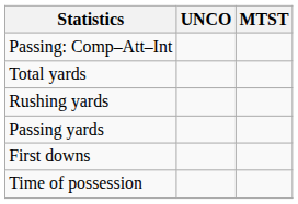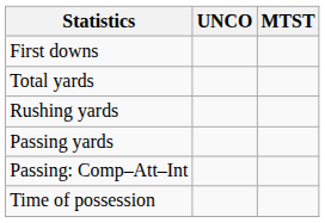 <table class="wikitable" style="float: left;">
 <tr>
 <th>Statistics</th>
 <th>UNCO</th>
 <th>MTST</th>
 </tr>
 <tr>
-<td>Passing: Comp–Att–Int</td>
+<td>First downs</td>
 <td></td>
 <td></td>
 </tr>
 <tr>
 <td>Total yards</td>
 <td></td>
 <td></td>
 </tr>
 <tr>
 <td>Rushing yards</td>
 <td></td>
 <td></td>
 </tr>
 <tr>
 <td>Passing yards</td>
 <td></td>
 <td></td>
 </tr>
 <tr>
-<td>First downs</td>
+<td>Passing: Comp–Att–Int</td>
 <td></td>
 <td></td>
 </tr>
 <tr>
 <td>Time of possession</td>
 <td></td>
 <td></td>
 </tr>
 <tr>
 </tr>
 </table>
